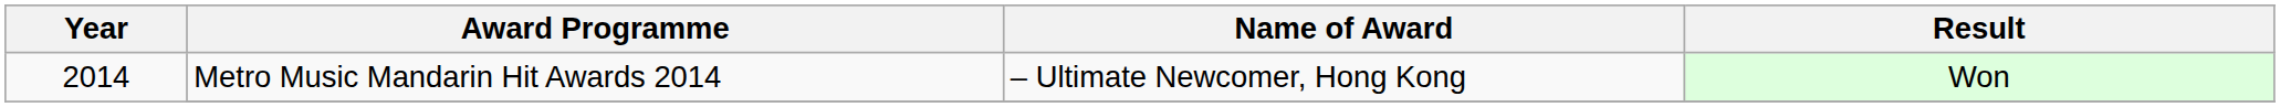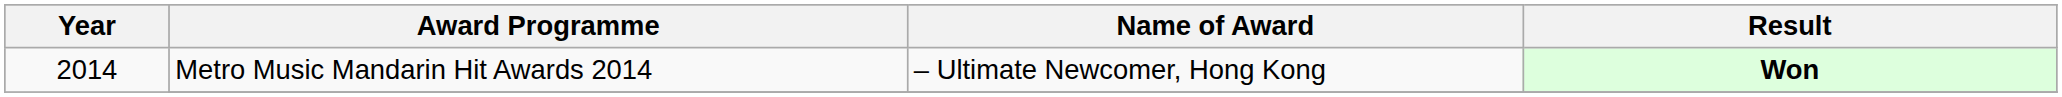 <table class="wikitable" style="width:95%;">
 <tr>
 <th style="width:8%">Year</th>
 <th style="width:36%">Award Programme</th>
 <th style="width:30%">Name of Award</th>
 <th style="width:60%">Result</th>
 </tr>
 <tr>
 <td rowspan = "5" align="center">2014</td>
 <td>Metro Music Mandarin Hit Awards 2014</td>
 <td>– Ultimate Newcomer, Hong Kong</td>
-<td style="background:#ddffdd;text-align:center;">Won</td>
+<td style="background:#ddffdd;text-align:center;"><strong>Won</strong></td>
 </tr>
 <tr>
 </tr>
 </table>
